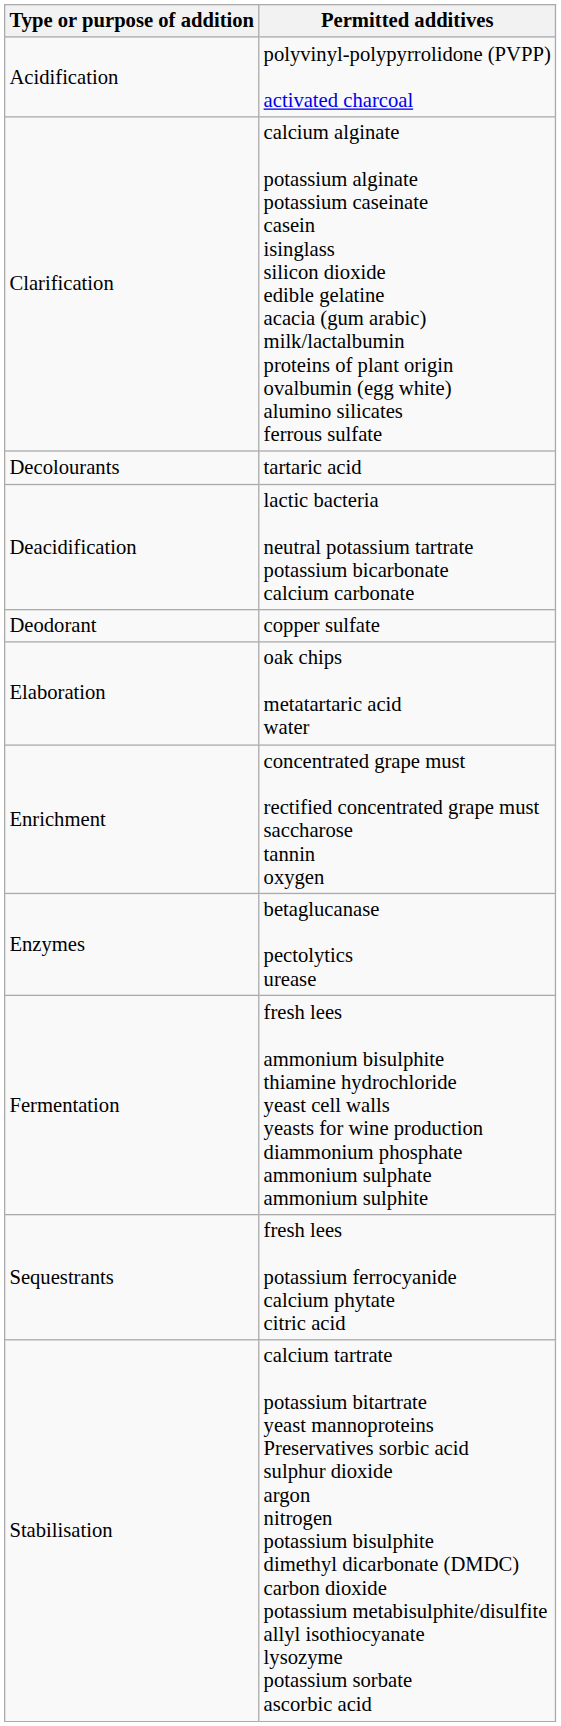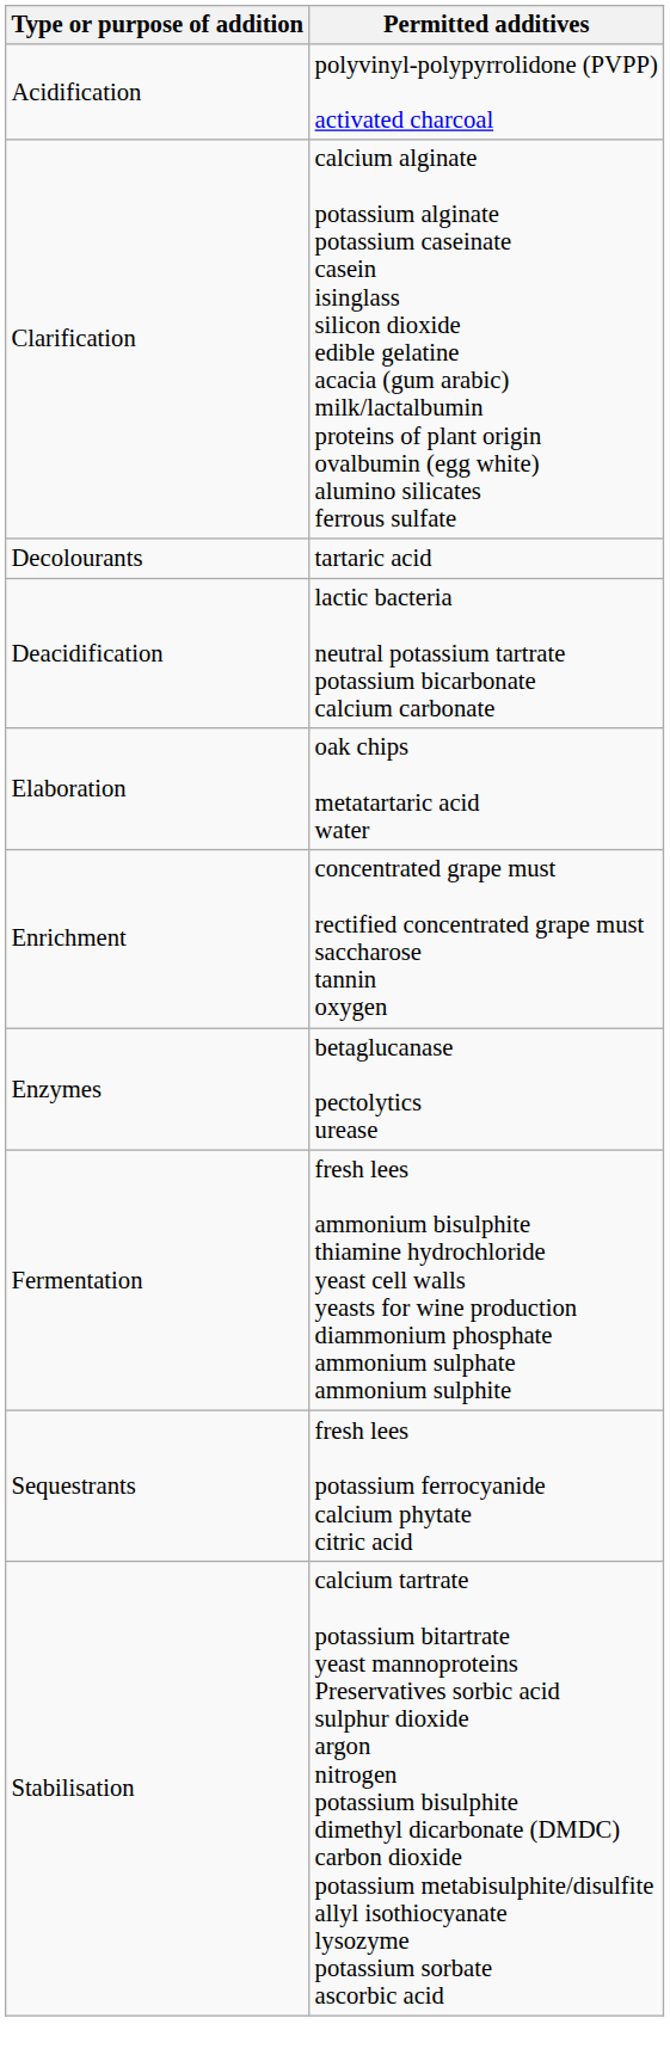 <table class="wikitable">
 <tr>
 <th>Type or purpose of addition</th>
 <th>Permitted additives</th>
 </tr>
 <tr>
 <td>Acidification</td>
 <td>polyvinyl-polypyrrolidone (PVPP)<br><br><a href='#'>activated charcoal</a><br></td>
 </tr>
 <tr>
 <td>Clarification</td>
 <td>calcium alginate<br><br>potassium alginate<br> potassium caseinate<br> casein<br> isinglass<br> silicon dioxide<br> edible gelatine<br> acacia (gum arabic)<br> milk/lactalbumin<br> proteins of plant origin<br> ovalbumin (egg white)<br> alumino silicates<br> ferrous sulfate<br></td>
 </tr>
 <tr>
 <td>Decolourants</td>
 <td>tartaric acid</td>
 </tr>
 <tr>
 <td>Deacidification</td>
 <td>lactic bacteria<br><br>neutral potassium tartrate<br> potassium bicarbonate<br> calcium carbonate<br></td>
-</tr>
-<tr>
-<td>Deodorant</td>
-<td>copper sulfate</td>
 </tr>
 <tr>
 <td>Elaboration</td>
 <td>oak chips<br><br>metatartaric acid<br> water</td>
 </tr>
 <tr>
 <td>Enrichment</td>
 <td>concentrated grape must<br><br>rectified concentrated grape must<br> saccharose<br> tannin<br> oxygen</td>
 </tr>
 <tr>
 <td>Enzymes</td>
 <td>betaglucanase<br><br>pectolytics<br> urease</td>
 </tr>
 <tr>
 <td>Fermentation</td>
 <td>fresh lees<br><br>ammonium bisulphite<br> thiamine hydrochloride<br> yeast cell walls<br> yeasts for wine production<br> diammonium phosphate<br> ammonium sulphate<br> ammonium sulphite<br></td>
 </tr>
 <tr>
 <td>Sequestrants</td>
 <td>fresh lees<br><br>potassium ferrocyanide<br> calcium phytate<br> citric acid</td>
 </tr>
 <tr>
 <td>Stabilisation</td>
 <td>calcium tartrate<br><br>potassium bitartrate<br> yeast mannoproteins<br> Preservatives	sorbic acid<br> sulphur dioxide<br> argon<br> nitrogen<br> potassium bisulphite<br> dimethyl dicarbonate (DMDC)<br> carbon dioxide<br> potassium metabisulphite/disulfite<br> allyl isothiocyanate<br> lysozyme<br> potassium sorbate<br> ascorbic acid<br></td>
 </tr>
 </table>
